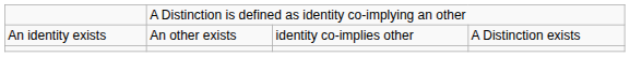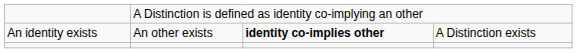 <table class="wikitable" style="width: 60%">
 <tr>
 <td></td>
 <td colspan=3>A Distinction is defined as identity co-implying an other</td>
 </tr>
 <tr>
 <td>An identity exists</td>
 <td>An other exists</td>
-<td>identity co-implies other</td>
+<td><strong>identity co-implies other</strong></td>
 <td>A Distinction exists</td>
 </tr>
 <tr>
 <td><div></div></td>
 <td><div></div></td>
 <td><div></div></td>
 <td><div></div></td>
 </tr>
 </table>
